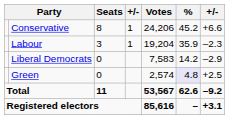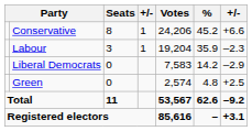 <table class="wikitable sortable">
 <tr>
 <th colspan="2">Party</th>
 <th>Seats</th>
 <th>+/-</th>
 <th>Votes</th>
 <th>%</th>
 <th>+/-</th>
 </tr>
 <tr>
 <td style="background-color: "></td>
 <td><a href='#'>Conservative</a></td>
 <td>8</td>
 <td> 1</td>
 <td style="text-align:right;">24,206</td>
 <td style="text-align:right;">45.2</td>
 <td style="text-align:right;">+6.6</td>
 </tr>
 <tr>
 <td style="background-color: "></td>
 <td><a href='#'>Labour</a></td>
 <td>3</td>
 <td> 1</td>
 <td style="text-align:right;">19,204</td>
 <td style="text-align:right;">35.9</td>
 <td style="text-align:right;">–2.3</td>
 </tr>
 <tr>
 <td style="background-color: "></td>
 <td><a href='#'>Liberal Democrats</a></td>
 <td>0</td>
 <td></td>
 <td style="text-align:right;">7,583</td>
 <td style="text-align:right;">14.2</td>
 <td style="text-align:right;">–2.9</td>
 </tr>
 <tr>
 <td style="background-color: "></td>
 <td><a href='#'>Green</a></td>
 <td>0</td>
 <td></td>
 <td style="text-align:right;">2,574</td>
-<td style="background: lavender; text-align:right;">4.8</td>
+<td style="text-align:right;">4.8</td>
 <td style="text-align:right;">+2.5</td>
 </tr>
 <tr>
 <td colspan="2"><strong>Total</strong></td>
 <td><strong>11</strong></td>
 <td></td>
 <td style="text-align:right;"><strong>53,567</strong></td>
 <td style="text-align:right;"><strong>62.6</strong></td>
 <td style="text-align:right;"><strong>–9.2</strong></td>
 </tr>
 <tr>
 <td colspan="4"><strong>Registered electors</strong></td>
 <td style="text-align:right;"><strong>85,616</strong></td>
 <td style="text-align:right;"><strong>–</strong></td>
 <td style="text-align:right;"><strong>+3.1</strong></td>
 </tr>
 </table>
